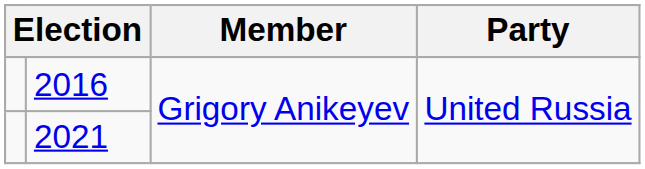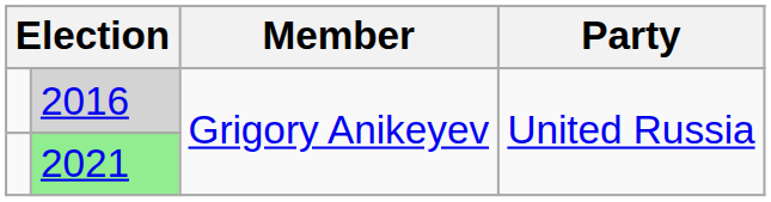 <table class="wikitable">
 <tr>
 <th colspan="2">Election</th>
 <th>Member</th>
 <th>Party</th>
 </tr>
 <tr>
 <td style="background-color: "></td>
-<td><a href='#'>2016</a></td>
+<td style="background: lightgrey;"><a href='#'>2016</a></td>
 <td rowspan=2><a href='#'>Grigory Anikeyev</a></td>
 <td rowspan=2><a href='#'>United Russia</a></td>
 </tr>
 <tr>
 <td style="background-color: "></td>
-<td><a href='#'>2021</a></td>
+<td style="background: lightgreen;"><a href='#'>2021</a></td>
 </tr>
 </table>
